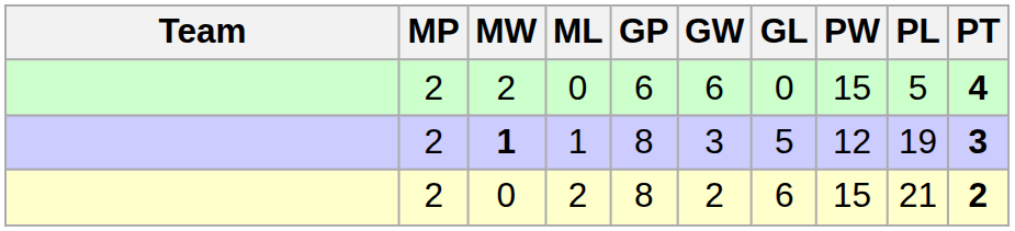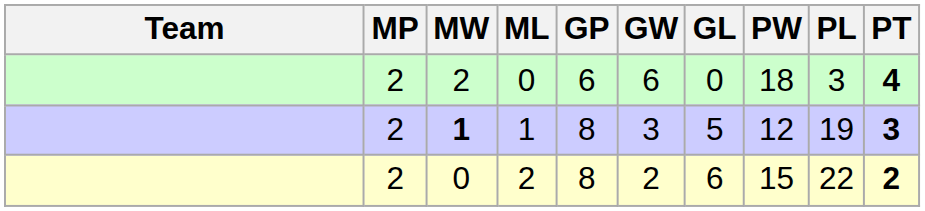 <table class=wikitable style="text-align:center">
 <tr>
 <th width=175>Team</th>
 <th width=20>MP</th>
 <th width=20>MW</th>
 <th width=20>ML</th>
 <th width=20>GP</th>
 <th width=20>GW</th>
 <th width=20>GL</th>
 <th width=20>PW</th>
 <th width=20>PL</th>
 <th width=20>PT</th>
 </tr>
 <tr style="background-color:#ccffcc;">
 <td style="text-align:left;"></td>
 <td>2</td>
 <td>2</td>
 <td>0</td>
 <td>6</td>
 <td>6</td>
 <td>0</td>
-<td>15</td>
-<td>5</td>
+<td>18</td>
+<td>3</td>
 <td><strong>4</strong></td>
 </tr>
 <tr style="background-color:#ccccff;">
 <td style="text-align:left;"></td>
 <td>2</td>
 <td><strong>1</strong></td>
 <td>1</td>
 <td>8</td>
 <td>3</td>
 <td>5</td>
 <td>12</td>
 <td>19</td>
 <td><strong>3</strong></td>
 </tr>
 <tr style="background-color:#ffffcc;">
 <td style="text-align:left;"></td>
 <td>2</td>
 <td>0</td>
 <td>2</td>
 <td>8</td>
 <td>2</td>
 <td>6</td>
 <td>15</td>
-<td>21</td>
+<td>22</td>
 <td><strong>2</strong></td>
 </tr>
 </table>
